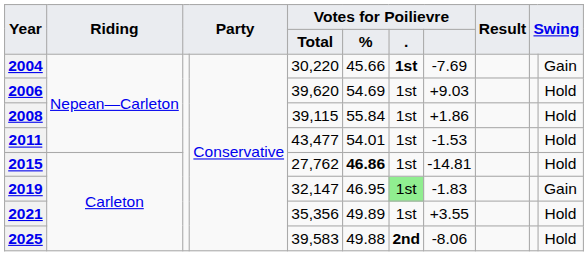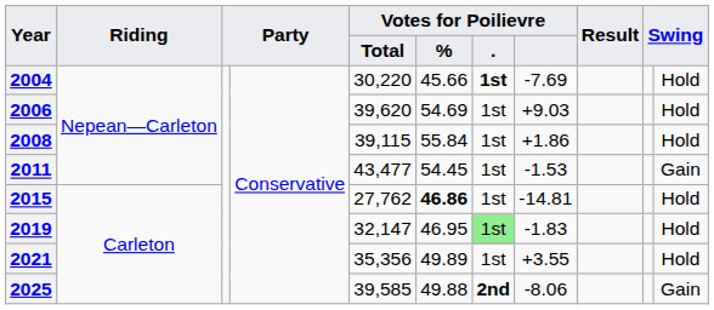 <table class="wikitable" style="font-size:90%; text-align:center;">
 <tr>
 <th rowspan="2" style="background:#eaecf0;">Year</th>
 <th rowspan="2" style="background:#eaecf0;">Riding</th>
 <th colspan="2" rowspan="2" style="background:#eaecf0;">Party</th>
 <th colspan="4" style="background:#eaecf0;">Votes for Poilievre</th>
 <th rowspan="2" style="background:#eaecf0;">Result</th>
 <th colspan="2" rowspan="2" style="background:#eaecf0;"><a href='#'>Swing</a></th>
 </tr>
 <tr>
 <th style="background:#eaecf0;">Total</th>
 <th style="background:#eaecf0;">%</th>
 <th style="background:#eaecf0;">.</th>
 <th style="background:#eaecf0;"></th>
 </tr>
 <tr>
 <th><a href='#'>2004</a></th>
 <td rowspan="4"><a href='#'>Nepean—Carleton</a></td>
 <td rowspan="9" style="background-color:"></td>
 <td rowspan="9"><a href='#'>Conservative</a></td>
 <td>30,220</td>
 <td>45.66</td>
 <td><strong>1st</strong></td>
 <td>-7.69</td>
 <td></td>
 <td style="background-color:"></td>
-<td>Gain</td>
+<td>Hold</td>
 </tr>
 <tr>
 <th><a href='#'>2006</a></th>
 <td>39,620</td>
 <td>54.69</td>
 <td>1st</td>
 <td>+9.03</td>
 <td></td>
 <td style="background-color:"></td>
 <td>Hold</td>
 </tr>
 <tr>
 <th><a href='#'>2008</a></th>
 <td>39,115</td>
 <td>55.84</td>
 <td>1st</td>
 <td>+1.86</td>
 <td></td>
 <td style="background-color:"></td>
 <td>Hold</td>
 </tr>
 <tr>
 <th><a href='#'>2011</a></th>
 <td>43,477</td>
-<td>54.01</td>
+<td>54.45</td>
 <td>1st</td>
 <td>-1.53</td>
 <td></td>
 <td style="background-color:"></td>
-<td>Hold</td>
+<td>Gain</td>
 </tr>
 <tr>
 <th><a href='#'>2015</a></th>
 <td rowspan="4"><a href='#'>Carleton</a></td>
 <td>27,762</td>
 <td><strong>46.86</strong></td>
 <td>1st</td>
 <td>-14.81</td>
 <td></td>
 <td style="background-color:"></td>
 <td>Hold</td>
 </tr>
 <tr>
 <th><a href='#'>2019</a></th>
 <td>32,147</td>
 <td>46.95</td>
 <td style="background: lightgreen;">1st</td>
 <td>-1.83</td>
 <td></td>
 <td style="background-color:"></td>
-<td>Gain</td>
+<td>Hold</td>
 </tr>
 <tr>
 <th><a href='#'>2021</a></th>
 <td>35,356</td>
 <td>49.89</td>
 <td>1st</td>
 <td>+3.55</td>
 <td></td>
 <td style="background-color:"></td>
 <td>Hold</td>
 </tr>
 <tr>
 <th><a href='#'>2025</a></th>
-<td>39,583</td>
+<td>39,585</td>
 <td>49.88</td>
 <td><strong>2nd</strong></td>
 <td>-8.06</td>
 <td></td>
 <td style="background-color:"></td>
-<td>Hold</td>
+<td>Gain</td>
 </tr>
 </table>
